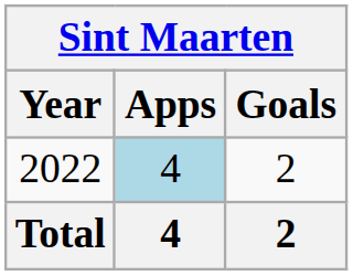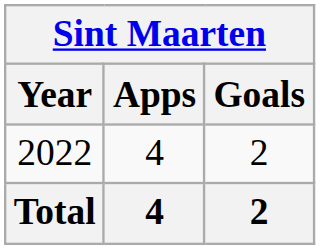 <table class="wikitable" style="text-align:center">
 <tr>
 <th colspan=3><a href='#'>Sint Maarten</a></th>
 </tr>
 <tr>
 <th>Year</th>
 <th>Apps</th>
 <th>Goals</th>
 </tr>
 <tr>
 <td>2022</td>
-<td style="background: lightblue;">4</td>
+<td>4</td>
 <td>2</td>
 </tr>
 <tr>
 <th>Total</th>
 <th>4</th>
 <th>2</th>
 </tr>
 </table>
